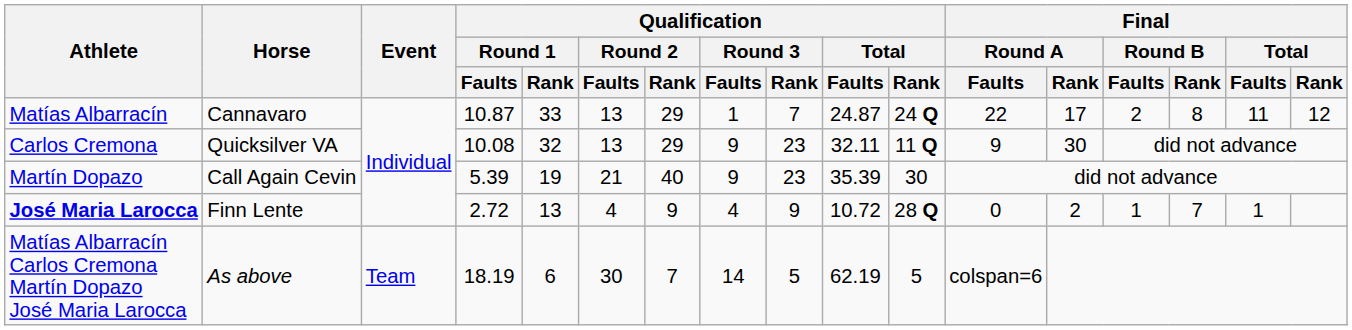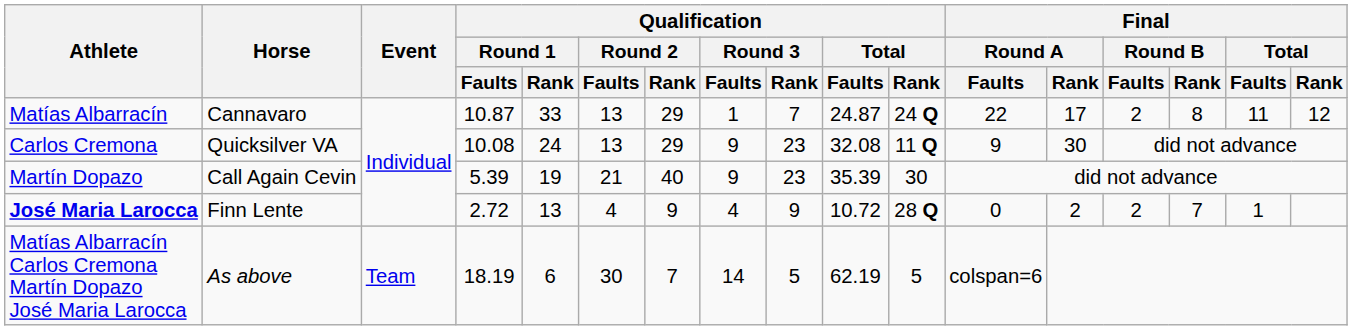 <table class="wikitable" style="font-size:90%;text-align:center">
 <tr>
 <th rowspan=3>Athlete</th>
 <th rowspan=3>Horse</th>
 <th rowspan=3>Event</th>
 <th colspan=8>Qualification</th>
 <th colspan=6>Final</th>
 </tr>
 <tr style=font-size:95%>
 <th colspan=2>Round 1</th>
 <th colspan=2>Round 2</th>
 <th colspan=2>Round 3</th>
 <th colspan=2>Total</th>
 <th colspan=2>Round A</th>
 <th colspan=2>Round B</th>
 <th colspan=2>Total</th>
 </tr>
 <tr style=font-size:95%>
 <th>Faults</th>
 <th>Rank</th>
 <th>Faults</th>
 <th>Rank</th>
 <th>Faults</th>
 <th>Rank</th>
 <th>Faults</th>
 <th>Rank</th>
 <th>Faults</th>
 <th>Rank</th>
 <th>Faults</th>
 <th>Rank</th>
 <th>Faults</th>
 <th>Rank</th>
 </tr>
 <tr>
 <td style="text-align:left"><a href='#'>Matías Albarracín</a></td>
 <td style="text-align:left">Cannavaro</td>
 <td style="text-align:left" rowspan=4><a href='#'>Individual</a></td>
 <td>10.87</td>
 <td>33</td>
 <td>13</td>
 <td>29</td>
 <td>1</td>
 <td>7</td>
 <td>24.87</td>
 <td>24 <strong>Q</strong></td>
 <td>22</td>
 <td>17</td>
 <td>2</td>
 <td>8</td>
 <td>11</td>
 <td>12</td>
 </tr>
 <tr>
 <td style="text-align:left"><a href='#'>Carlos Cremona</a></td>
 <td style="text-align:left">Quicksilver VA</td>
 <td>10.08</td>
-<td>32</td>
+<td>24</td>
 <td>13</td>
 <td>29</td>
 <td>9</td>
 <td>23</td>
-<td>32.11</td>
+<td>32.08</td>
 <td>11 <strong>Q</strong></td>
 <td>9</td>
 <td>30</td>
 <td colspan=4>did not advance</td>
 </tr>
 <tr>
 <td style="text-align:left"><a href='#'>Martín Dopazo</a></td>
 <td style="text-align:left">Call Again Cevin</td>
 <td>5.39</td>
 <td>19</td>
 <td>21</td>
 <td>40</td>
 <td>9</td>
 <td>23</td>
 <td>35.39</td>
 <td>30</td>
 <td colspan=6>did not advance</td>
 </tr>
 <tr>
 <td style="text-align:left"><strong><a href='#'>José Maria Larocca</a></strong></td>
 <td style="text-align:left">Finn Lente</td>
 <td>2.72</td>
 <td>13</td>
 <td>4</td>
 <td>9</td>
 <td>4</td>
 <td>9</td>
 <td>10.72</td>
 <td>28 <strong>Q</strong></td>
 <td>0</td>
 <td>2</td>
-<td>1</td>
+<td>2</td>
 <td>7</td>
 <td>1</td>
 <td></td>
 </tr>
 <tr>
 <td style="text-align:left"><a href='#'>Matías Albarracín</a><br><a href='#'>Carlos Cremona</a><br><a href='#'>Martín Dopazo</a><br><a href='#'>José Maria Larocca</a></td>
 <td style="text-align:left"><em>As above</em></td>
 <td style="text-align:left"><a href='#'>Team</a></td>
 <td>18.19</td>
 <td>6</td>
 <td>30</td>
 <td>7</td>
 <td>14</td>
 <td>5</td>
 <td>62.19</td>
 <td>5</td>
 <td>colspan=6 </td>
 </tr>
 </table>
